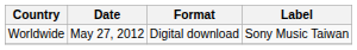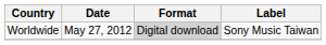 <table class="wikitable">
 <tr>
 <th>Country</th>
 <th>Date</th>
 <th>Format</th>
 <th>Label</th>
 </tr>
 <tr>
 <td>Worldwide</td>
 <td>May 27, 2012</td>
-<td>Digital download</td>
+<td style="background: lightgrey;">Digital download</td>
 <td>Sony Music Taiwan</td>
 </tr>
 <tr>
 </tr>
 </table>
